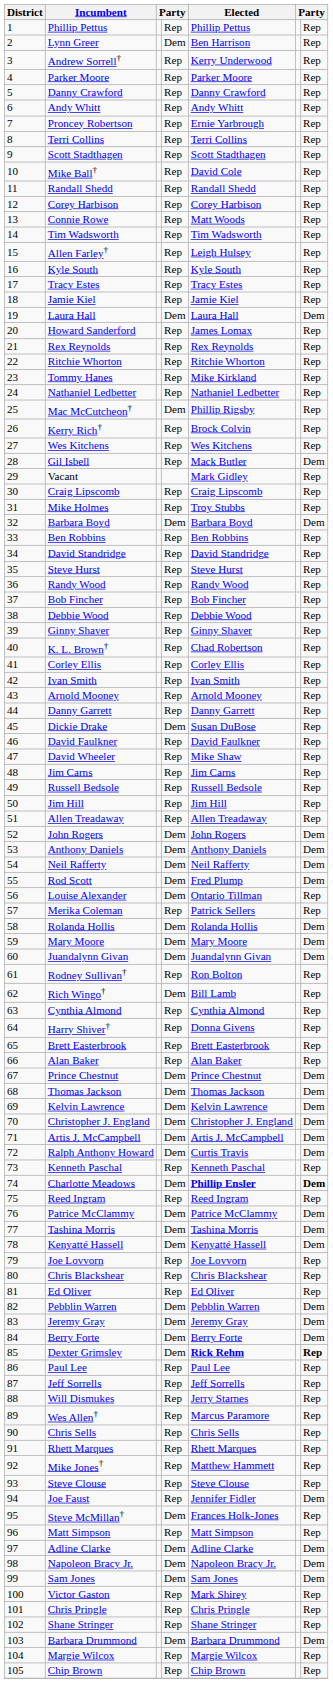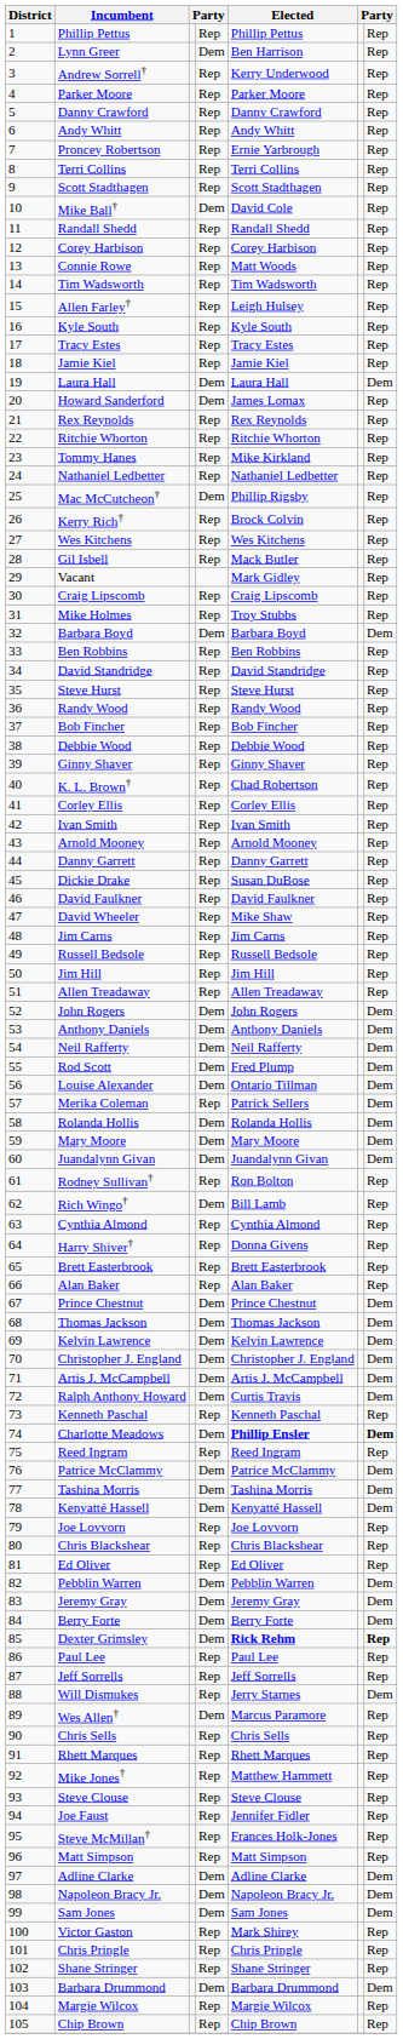 <table class="sortable wikitable" style="font-size:95%;line-height:14px;">
 <tr>
 <th class="unsortable">District</th>
 <th class="unsortable"><a href='#'>Incumbent</a></th>
 <th colspan="2">Party</th>
 <th class="unsortable">Elected</th>
 <th colspan="2">Party</th>
 </tr>
 <tr>
 <td>1</td>
 <td><a href='#'>Phillip Pettus</a></td>
 <td style="background:"></td>
 <td>Rep</td>
 <td><a href='#'>Phillip Pettus</a></td>
 <td style="background:"></td>
 <td>Rep</td>
 </tr>
 <tr>
 <td>2</td>
 <td><a href='#'>Lynn Greer</a></td>
 <td style="background:"></td>
 <td>Dem</td>
 <td><a href='#'>Ben Harrison</a></td>
 <td style="background:"></td>
 <td>Rep</td>
 </tr>
 <tr>
 <td>3</td>
 <td><a href='#'>Andrew Sorrell</a><sup>†</sup></td>
 <td style="background:"></td>
 <td>Rep</td>
 <td><a href='#'>Kerry Underwood</a></td>
 <td style="background:"></td>
 <td>Rep</td>
 </tr>
 <tr>
 <td>4</td>
 <td><a href='#'>Parker Moore</a></td>
 <td style="background:"></td>
 <td>Rep</td>
 <td><a href='#'>Parker Moore</a></td>
 <td style="background:"></td>
 <td>Rep</td>
 </tr>
 <tr>
 <td>5</td>
 <td><a href='#'>Danny Crawford</a></td>
 <td style="background:"></td>
 <td>Rep</td>
 <td><a href='#'>Danny Crawford</a></td>
 <td style="background:"></td>
 <td>Rep</td>
 </tr>
 <tr>
 <td>6</td>
 <td><a href='#'>Andy Whitt</a></td>
 <td style="background:"></td>
 <td>Rep</td>
 <td><a href='#'>Andy Whitt</a></td>
 <td style="background:"></td>
 <td>Rep</td>
 </tr>
 <tr>
 <td>7</td>
 <td><a href='#'>Proncey Robertson</a></td>
 <td style="background:"></td>
 <td>Rep</td>
 <td><a href='#'>Ernie Yarbrough</a></td>
 <td style="background:"></td>
 <td>Rep</td>
 </tr>
 <tr>
 <td>8</td>
 <td><a href='#'>Terri Collins</a></td>
 <td style="background:"></td>
 <td>Rep</td>
 <td><a href='#'>Terri Collins</a></td>
 <td style="background:"></td>
 <td>Rep</td>
 </tr>
 <tr>
 <td>9</td>
 <td><a href='#'>Scott Stadthagen</a></td>
 <td style="background:"></td>
 <td>Rep</td>
 <td><a href='#'>Scott Stadthagen</a></td>
 <td style="background:"></td>
 <td>Rep</td>
 </tr>
 <tr>
 <td>10</td>
 <td><a href='#'>Mike Ball</a><sup>†</sup></td>
 <td style="background:"></td>
-<td>Rep</td>
+<td>Dem</td>
 <td><a href='#'>David Cole</a></td>
 <td style="background:"></td>
 <td>Rep</td>
 </tr>
 <tr>
 <td>11</td>
 <td><a href='#'>Randall Shedd</a></td>
 <td style="background:"></td>
 <td>Rep</td>
 <td><a href='#'>Randall Shedd</a></td>
 <td style="background:"></td>
 <td>Rep</td>
 </tr>
 <tr>
 <td>12</td>
 <td><a href='#'>Corey Harbison</a></td>
 <td style="background:"></td>
 <td>Rep</td>
 <td><a href='#'>Corey Harbison</a></td>
 <td style="background:"></td>
 <td>Rep</td>
 </tr>
 <tr>
 <td>13</td>
 <td><a href='#'>Connie Rowe</a></td>
 <td style="background:"></td>
 <td>Rep</td>
 <td><a href='#'>Matt Woods</a></td>
 <td style="background:"></td>
 <td>Rep</td>
 </tr>
 <tr>
 <td>14</td>
 <td><a href='#'>Tim Wadsworth</a></td>
 <td style="background:"></td>
 <td>Rep</td>
 <td><a href='#'>Tim Wadsworth</a></td>
 <td style="background:"></td>
 <td>Rep</td>
 </tr>
 <tr>
 <td>15</td>
 <td><a href='#'>Allen Farley</a><sup>†</sup></td>
 <td style="background:"></td>
 <td>Rep</td>
 <td><a href='#'>Leigh Hulsey</a></td>
 <td style="background:"></td>
 <td>Rep</td>
 </tr>
 <tr>
 <td>16</td>
 <td><a href='#'>Kyle South</a></td>
 <td style="background:"></td>
 <td>Rep</td>
 <td><a href='#'>Kyle South</a></td>
 <td style="background:"></td>
 <td>Rep</td>
 </tr>
 <tr>
 <td>17</td>
 <td><a href='#'>Tracy Estes</a></td>
 <td style="background:"></td>
 <td>Rep</td>
 <td><a href='#'>Tracy Estes</a></td>
 <td style="background:"></td>
 <td>Rep</td>
 </tr>
 <tr>
 <td>18</td>
 <td><a href='#'>Jamie Kiel</a></td>
 <td style="background:"></td>
 <td>Rep</td>
 <td><a href='#'>Jamie Kiel</a></td>
 <td style="background:"></td>
 <td>Rep</td>
 </tr>
 <tr>
 <td>19</td>
 <td><a href='#'>Laura Hall</a></td>
 <td style="background:"></td>
 <td>Dem</td>
 <td><a href='#'>Laura Hall</a></td>
 <td style="background:"></td>
 <td>Dem</td>
 </tr>
 <tr>
 <td>20</td>
 <td><a href='#'>Howard Sanderford</a></td>
 <td style="background:"></td>
-<td>Rep</td>
+<td>Dem</td>
 <td><a href='#'>James Lomax</a></td>
 <td style="background:"></td>
 <td>Rep</td>
 </tr>
 <tr>
 <td>21</td>
 <td><a href='#'>Rex Reynolds</a></td>
 <td style="background:"></td>
 <td>Rep</td>
 <td><a href='#'>Rex Reynolds</a></td>
 <td style="background:"></td>
 <td>Rep</td>
 </tr>
 <tr>
 <td>22</td>
 <td><a href='#'>Ritchie Whorton</a></td>
 <td style="background:"></td>
 <td>Rep</td>
 <td><a href='#'>Ritchie Whorton</a></td>
 <td style="background:"></td>
 <td>Rep</td>
 </tr>
 <tr>
 <td>23</td>
 <td><a href='#'>Tommy Hanes</a></td>
 <td style="background:"></td>
 <td>Rep</td>
 <td><a href='#'>Mike Kirkland</a></td>
 <td style="background:"></td>
 <td>Rep</td>
 </tr>
 <tr>
 <td>24</td>
 <td><a href='#'>Nathaniel Ledbetter</a></td>
 <td style="background:"></td>
 <td>Rep</td>
 <td><a href='#'>Nathaniel Ledbetter</a></td>
 <td style="background:"></td>
 <td>Rep</td>
 </tr>
 <tr>
 <td>25</td>
 <td><a href='#'>Mac McCutcheon</a><sup>†</sup></td>
 <td style="background:"></td>
 <td>Dem</td>
 <td><a href='#'>Phillip Rigsby</a></td>
 <td style="background:"></td>
 <td>Rep</td>
 </tr>
 <tr>
 <td>26</td>
 <td><a href='#'>Kerry Rich</a><sup>†</sup></td>
 <td style="background:"></td>
 <td>Rep</td>
 <td><a href='#'>Brock Colvin</a></td>
 <td style="background:"></td>
 <td>Rep</td>
 </tr>
 <tr>
 <td>27</td>
 <td><a href='#'>Wes Kitchens</a></td>
 <td style="background:"></td>
 <td>Rep</td>
 <td><a href='#'>Wes Kitchens</a></td>
 <td style="background:"></td>
 <td>Rep</td>
 </tr>
 <tr>
 <td>28</td>
 <td><a href='#'>Gil Isbell</a></td>
 <td style="background:"></td>
 <td>Rep</td>
 <td><a href='#'>Mack Butler</a></td>
 <td style="background:"></td>
-<td>Dem</td>
+<td>Rep</td>
 </tr>
 <tr>
 <td>29</td>
 <td>Vacant</td>
 <td></td>
 <td></td>
 <td><a href='#'>Mark Gidley</a></td>
 <td style="background:"></td>
 <td>Rep</td>
 </tr>
 <tr>
 <td>30</td>
 <td><a href='#'>Craig Lipscomb</a></td>
 <td style="background:"></td>
 <td>Rep</td>
 <td><a href='#'>Craig Lipscomb</a></td>
 <td style="background:"></td>
 <td>Rep</td>
 </tr>
 <tr>
 <td>31</td>
 <td><a href='#'>Mike Holmes</a></td>
 <td style="background:"></td>
 <td>Rep</td>
 <td><a href='#'>Troy Stubbs</a></td>
 <td style="background:"></td>
 <td>Rep</td>
 </tr>
 <tr>
 <td>32</td>
 <td><a href='#'>Barbara Boyd</a></td>
 <td style="background:"></td>
 <td>Dem</td>
 <td><a href='#'>Barbara Boyd</a></td>
 <td style="background:"></td>
 <td>Dem</td>
 </tr>
 <tr>
 <td>33</td>
 <td><a href='#'>Ben Robbins</a></td>
 <td style="background:"></td>
 <td>Rep</td>
 <td><a href='#'>Ben Robbins</a></td>
 <td style="background:"></td>
 <td>Rep</td>
 </tr>
 <tr>
 <td>34</td>
 <td><a href='#'>David Standridge</a></td>
 <td style="background:"></td>
 <td>Rep</td>
 <td><a href='#'>David Standridge</a></td>
 <td style="background:"></td>
 <td>Rep</td>
 </tr>
 <tr>
 <td>35</td>
 <td><a href='#'>Steve Hurst</a></td>
 <td style="background:"></td>
 <td>Rep</td>
 <td><a href='#'>Steve Hurst</a></td>
 <td style="background:"></td>
 <td>Rep</td>
 </tr>
 <tr>
 <td>36</td>
 <td><a href='#'>Randy Wood</a></td>
 <td style="background:"></td>
 <td>Rep</td>
 <td><a href='#'>Randy Wood</a></td>
 <td style="background:"></td>
 <td>Rep</td>
 </tr>
 <tr>
 <td>37</td>
 <td><a href='#'>Bob Fincher</a></td>
 <td style="background:"></td>
 <td>Rep</td>
 <td><a href='#'>Bob Fincher</a></td>
 <td style="background:"></td>
 <td>Rep</td>
 </tr>
 <tr>
 <td>38</td>
 <td><a href='#'>Debbie Wood</a></td>
 <td style="background:"></td>
 <td>Rep</td>
 <td><a href='#'>Debbie Wood</a></td>
 <td style="background:"></td>
 <td>Rep</td>
 </tr>
 <tr>
 <td>39</td>
 <td><a href='#'>Ginny Shaver</a></td>
 <td style="background:"></td>
 <td>Rep</td>
 <td><a href='#'>Ginny Shaver</a></td>
 <td style="background:"></td>
 <td>Rep</td>
 </tr>
 <tr>
 <td>40</td>
 <td><a href='#'>K. L. Brown</a><sup>†</sup></td>
 <td style="background:"></td>
 <td>Rep</td>
 <td><a href='#'>Chad Robertson</a></td>
 <td style="background:"></td>
 <td>Rep</td>
 </tr>
 <tr>
 <td>41</td>
 <td><a href='#'>Corley Ellis</a></td>
 <td style="background:"></td>
 <td>Rep</td>
 <td><a href='#'>Corley Ellis</a></td>
 <td style="background:"></td>
 <td>Rep</td>
 </tr>
 <tr>
 <td>42</td>
 <td><a href='#'>Ivan Smith</a></td>
 <td style="background:"></td>
 <td>Rep</td>
 <td><a href='#'>Ivan Smith</a></td>
 <td style="background:"></td>
 <td>Rep</td>
 </tr>
 <tr>
 <td>43</td>
 <td><a href='#'>Arnold Mooney</a></td>
 <td style="background:"></td>
 <td>Rep</td>
 <td><a href='#'>Arnold Mooney</a></td>
 <td style="background:"></td>
 <td>Rep</td>
 </tr>
 <tr>
 <td>44</td>
 <td><a href='#'>Danny Garrett</a></td>
 <td style="background:"></td>
 <td>Rep</td>
 <td><a href='#'>Danny Garrett</a></td>
 <td style="background:"></td>
 <td>Rep</td>
 </tr>
 <tr>
 <td>45</td>
 <td><a href='#'>Dickie Drake</a></td>
 <td style="background:"></td>
-<td>Dem</td>
+<td>Rep</td>
 <td><a href='#'>Susan DuBose</a></td>
 <td style="background:"></td>
 <td>Rep</td>
 </tr>
 <tr>
 <td>46</td>
 <td><a href='#'>David Faulkner</a></td>
 <td style="background:"></td>
 <td>Rep</td>
 <td><a href='#'>David Faulkner</a></td>
 <td style="background:"></td>
 <td>Rep</td>
 </tr>
 <tr>
 <td>47</td>
 <td><a href='#'>David Wheeler</a></td>
 <td style="background:"></td>
 <td>Rep</td>
 <td><a href='#'>Mike Shaw</a></td>
 <td style="background:"></td>
 <td>Rep</td>
 </tr>
 <tr>
 <td>48</td>
 <td><a href='#'>Jim Carns</a></td>
 <td style="background:"></td>
 <td>Rep</td>
 <td><a href='#'>Jim Carns</a></td>
 <td style="background:"></td>
 <td>Rep</td>
 </tr>
 <tr>
 <td>49</td>
 <td><a href='#'>Russell Bedsole</a></td>
 <td style="background:"></td>
 <td>Rep</td>
 <td><a href='#'>Russell Bedsole</a></td>
 <td style="background:"></td>
 <td>Rep</td>
 </tr>
 <tr>
 <td>50</td>
 <td><a href='#'>Jim Hill</a></td>
 <td style="background:"></td>
 <td>Rep</td>
 <td><a href='#'>Jim Hill</a></td>
 <td style="background:"></td>
 <td>Rep</td>
 </tr>
 <tr>
 <td>51</td>
 <td><a href='#'>Allen Treadaway</a></td>
 <td style="background:"></td>
 <td>Rep</td>
 <td><a href='#'>Allen Treadaway</a></td>
 <td style="background:"></td>
 <td>Rep</td>
 </tr>
 <tr>
 <td>52</td>
 <td><a href='#'>John Rogers</a></td>
 <td style="background:"></td>
 <td>Dem</td>
 <td><a href='#'>John Rogers</a></td>
 <td style="background:"></td>
 <td>Dem</td>
 </tr>
 <tr>
 <td>53</td>
 <td><a href='#'>Anthony Daniels</a></td>
 <td style="background:"></td>
 <td>Dem</td>
 <td><a href='#'>Anthony Daniels</a></td>
 <td style="background:"></td>
 <td>Dem</td>
 </tr>
 <tr>
 <td>54</td>
 <td><a href='#'>Neil Rafferty</a></td>
 <td style="background:"></td>
 <td>Dem</td>
 <td><a href='#'>Neil Rafferty</a></td>
 <td style="background:"></td>
 <td>Dem</td>
 </tr>
 <tr>
 <td>55</td>
 <td><a href='#'>Rod Scott</a></td>
 <td style="background:"></td>
 <td>Dem</td>
 <td><a href='#'>Fred Plump</a></td>
 <td style="background:"></td>
 <td>Dem</td>
 </tr>
 <tr>
 <td>56</td>
 <td><a href='#'>Louise Alexander</a></td>
 <td style="background:"></td>
 <td>Dem</td>
 <td><a href='#'>Ontario Tillman</a></td>
 <td style="background:"></td>
-<td>Rep</td>
+<td>Dem</td>
 </tr>
 <tr>
 <td>57</td>
 <td><a href='#'>Merika Coleman</a></td>
 <td style="background:"></td>
 <td>Rep</td>
 <td><a href='#'>Patrick Sellers</a></td>
 <td style="background:"></td>
-<td>Rep</td>
+<td>Dem</td>
 </tr>
 <tr>
 <td>58</td>
 <td><a href='#'>Rolanda Hollis</a></td>
 <td style="background:"></td>
 <td>Dem</td>
 <td><a href='#'>Rolanda Hollis</a></td>
 <td style="background:"></td>
 <td>Dem</td>
 </tr>
 <tr>
 <td>59</td>
 <td><a href='#'>Mary Moore</a></td>
 <td style="background:"></td>
 <td>Dem</td>
 <td><a href='#'>Mary Moore</a></td>
 <td style="background:"></td>
 <td>Dem</td>
 </tr>
 <tr>
 <td>60</td>
 <td><a href='#'>Juandalynn Givan</a></td>
 <td style="background:"></td>
 <td>Dem</td>
 <td><a href='#'>Juandalynn Givan</a></td>
 <td style="background:"></td>
 <td>Dem</td>
 </tr>
 <tr>
 <td>61</td>
 <td><a href='#'>Rodney Sullivan</a><sup>†</sup></td>
 <td style="background:"></td>
 <td>Rep</td>
 <td><a href='#'>Ron Bolton</a></td>
 <td style="background:"></td>
 <td>Rep</td>
 </tr>
 <tr>
 <td>62</td>
 <td><a href='#'>Rich Wingo</a><sup>†</sup></td>
 <td style="background:"></td>
 <td>Dem</td>
 <td><a href='#'>Bill Lamb</a></td>
 <td style="background:"></td>
 <td>Rep</td>
 </tr>
 <tr>
 <td>63</td>
 <td><a href='#'>Cynthia Almond</a></td>
 <td style="background:"></td>
 <td>Rep</td>
 <td><a href='#'>Cynthia Almond</a></td>
 <td style="background:"></td>
 <td>Rep</td>
 </tr>
 <tr>
 <td>64</td>
 <td><a href='#'>Harry Shiver</a><sup>†</sup></td>
 <td style="background:"></td>
 <td>Rep</td>
 <td><a href='#'>Donna Givens</a></td>
 <td style="background:"></td>
 <td>Rep</td>
 </tr>
 <tr>
 <td>65</td>
 <td><a href='#'>Brett Easterbrook</a></td>
 <td style="background:"></td>
 <td>Rep</td>
 <td><a href='#'>Brett Easterbrook</a></td>
 <td style="background:"></td>
 <td>Rep</td>
 </tr>
 <tr>
 <td>66</td>
 <td><a href='#'>Alan Baker</a></td>
 <td style="background:"></td>
 <td>Rep</td>
 <td><a href='#'>Alan Baker</a></td>
 <td style="background:"></td>
 <td>Rep</td>
 </tr>
 <tr>
 <td>67</td>
 <td><a href='#'>Prince Chestnut</a></td>
 <td style="background:"></td>
 <td>Dem</td>
 <td><a href='#'>Prince Chestnut</a></td>
 <td style="background:"></td>
 <td>Dem</td>
 </tr>
 <tr>
 <td>68</td>
 <td><a href='#'>Thomas Jackson</a></td>
 <td style="background:"></td>
 <td>Dem</td>
 <td><a href='#'>Thomas Jackson</a></td>
 <td style="background:"></td>
 <td>Dem</td>
 </tr>
 <tr>
 <td>69</td>
 <td><a href='#'>Kelvin Lawrence</a></td>
 <td style="background:"></td>
 <td>Dem</td>
 <td><a href='#'>Kelvin Lawrence</a></td>
 <td style="background:"></td>
 <td>Dem</td>
 </tr>
 <tr>
 <td>70</td>
 <td><a href='#'>Christopher J. England</a></td>
 <td style="background:"></td>
 <td>Dem</td>
 <td><a href='#'>Christopher J. England</a></td>
 <td style="background:"></td>
 <td>Dem</td>
 </tr>
 <tr>
 <td>71</td>
 <td><a href='#'>Artis J. McCampbell</a></td>
 <td style="background:"></td>
 <td>Dem</td>
 <td><a href='#'>Artis J. McCampbell</a></td>
 <td style="background:"></td>
 <td>Dem</td>
 </tr>
 <tr>
 <td>72</td>
 <td><a href='#'>Ralph Anthony Howard</a></td>
 <td style="background:"></td>
 <td>Dem</td>
 <td><a href='#'>Curtis Travis</a></td>
 <td style="background:"></td>
 <td>Dem</td>
 </tr>
 <tr>
 <td>73</td>
 <td><a href='#'>Kenneth Paschal</a></td>
 <td style="background:"></td>
 <td>Rep</td>
 <td><a href='#'>Kenneth Paschal</a></td>
 <td style="background:"></td>
 <td>Rep</td>
 </tr>
 <tr>
 <td>74</td>
 <td><a href='#'>Charlotte Meadows</a></td>
 <td style="background:"></td>
 <td>Dem</td>
 <td><strong><a href='#'>Phillip Ensler</a></strong></td>
 <td style="background:"></td>
 <td><strong>Dem</strong></td>
 </tr>
 <tr>
 <td>75</td>
 <td><a href='#'>Reed Ingram</a></td>
 <td style="background:"></td>
 <td>Rep</td>
 <td><a href='#'>Reed Ingram</a></td>
 <td style="background:"></td>
 <td>Rep</td>
 </tr>
 <tr>
 <td>76</td>
 <td><a href='#'>Patrice McClammy</a></td>
 <td style="background:"></td>
 <td>Dem</td>
 <td><a href='#'>Patrice McClammy</a></td>
 <td style="background:"></td>
 <td>Dem</td>
 </tr>
 <tr>
 <td>77</td>
 <td><a href='#'>Tashina Morris</a></td>
 <td style="background:"></td>
 <td>Dem</td>
 <td><a href='#'>Tashina Morris</a></td>
 <td style="background:"></td>
 <td>Dem</td>
 </tr>
 <tr>
 <td>78</td>
 <td><a href='#'>Kenyatté Hassell</a></td>
 <td style="background:"></td>
 <td>Dem</td>
 <td><a href='#'>Kenyatté Hassell</a></td>
 <td style="background:"></td>
 <td>Dem</td>
 </tr>
 <tr>
 <td>79</td>
 <td><a href='#'>Joe Lovvorn</a></td>
 <td style="background:"></td>
 <td>Rep</td>
 <td><a href='#'>Joe Lovvorn</a></td>
 <td style="background:"></td>
 <td>Rep</td>
 </tr>
 <tr>
 <td>80</td>
 <td><a href='#'>Chris Blackshear</a></td>
 <td style="background:"></td>
 <td>Rep</td>
 <td><a href='#'>Chris Blackshear</a></td>
 <td style="background:"></td>
 <td>Rep</td>
 </tr>
 <tr>
 <td>81</td>
 <td><a href='#'>Ed Oliver</a></td>
 <td style="background:"></td>
 <td>Rep</td>
 <td><a href='#'>Ed Oliver</a></td>
 <td style="background:"></td>
 <td>Rep</td>
 </tr>
 <tr>
 <td>82</td>
 <td><a href='#'>Pebblin Warren</a></td>
 <td style="background:"></td>
 <td>Dem</td>
 <td><a href='#'>Pebblin Warren</a></td>
 <td style="background:"></td>
 <td>Dem</td>
 </tr>
 <tr>
 <td>83</td>
 <td><a href='#'>Jeremy Gray</a></td>
 <td style="background:"></td>
 <td>Dem</td>
 <td><a href='#'>Jeremy Gray</a></td>
 <td style="background:"></td>
 <td>Dem</td>
 </tr>
 <tr>
 <td>84</td>
 <td><a href='#'>Berry Forte</a></td>
 <td style="background:"></td>
 <td>Dem</td>
 <td><a href='#'>Berry Forte</a></td>
 <td style="background:"></td>
 <td>Dem</td>
 </tr>
 <tr>
 <td>85</td>
 <td><a href='#'>Dexter Grimsley</a></td>
 <td style="background:"></td>
 <td>Dem</td>
 <td><strong><a href='#'>Rick Rehm</a></strong></td>
 <td style="background:"></td>
 <td><strong>Rep</strong></td>
 </tr>
 <tr>
 <td>86</td>
 <td><a href='#'>Paul Lee</a></td>
 <td style="background:"></td>
 <td>Rep</td>
 <td><a href='#'>Paul Lee</a></td>
 <td style="background:"></td>
 <td>Rep</td>
 </tr>
 <tr>
 <td>87</td>
 <td><a href='#'>Jeff Sorrells</a></td>
 <td style="background:"></td>
 <td>Rep</td>
 <td><a href='#'>Jeff Sorrells</a></td>
 <td style="background:"></td>
 <td>Rep</td>
 </tr>
 <tr>
 <td>88</td>
 <td><a href='#'>Will Dismukes</a></td>
 <td style="background:"></td>
 <td>Rep</td>
 <td><a href='#'>Jerry Starnes</a></td>
 <td style="background:"></td>
-<td>Rep</td>
+<td>Dem</td>
 </tr>
 <tr>
 <td>89</td>
 <td><a href='#'>Wes Allen</a><sup>†</sup></td>
 <td style="background:"></td>
-<td>Rep</td>
+<td>Dem</td>
 <td><a href='#'>Marcus Paramore</a></td>
 <td style="background:"></td>
 <td>Rep</td>
 </tr>
 <tr>
 <td>90</td>
 <td><a href='#'>Chris Sells</a></td>
 <td style="background:"></td>
 <td>Rep</td>
 <td><a href='#'>Chris Sells</a></td>
 <td style="background:"></td>
 <td>Rep</td>
 </tr>
 <tr>
 <td>91</td>
 <td><a href='#'>Rhett Marques</a></td>
 <td style="background:"></td>
 <td>Rep</td>
 <td><a href='#'>Rhett Marques</a></td>
 <td style="background:"></td>
 <td>Rep</td>
 </tr>
 <tr>
 <td>92</td>
 <td><a href='#'>Mike Jones</a><sup>†</sup></td>
 <td style="background:"></td>
 <td>Rep</td>
 <td><a href='#'>Matthew Hammett</a></td>
 <td style="background:"></td>
 <td>Rep</td>
 </tr>
 <tr>
 <td>93</td>
 <td><a href='#'>Steve Clouse</a></td>
 <td style="background:"></td>
 <td>Rep</td>
 <td><a href='#'>Steve Clouse</a></td>
 <td style="background:"></td>
 <td>Rep</td>
 </tr>
 <tr>
 <td>94</td>
 <td><a href='#'>Joe Faust</a></td>
 <td style="background:"></td>
 <td>Rep</td>
 <td><a href='#'>Jennifer Fidler</a></td>
 <td style="background:"></td>
-<td>Dem</td>
+<td>Rep</td>
 </tr>
 <tr>
 <td>95</td>
 <td><a href='#'>Steve McMillan</a><sup>†</sup></td>
 <td style="background:"></td>
-<td>Dem</td>
+<td>Rep</td>
 <td><a href='#'>Frances Holk-Jones</a></td>
 <td style="background:"></td>
 <td>Rep</td>
 </tr>
 <tr>
 <td>96</td>
 <td><a href='#'>Matt Simpson</a></td>
 <td style="background:"></td>
 <td>Rep</td>
 <td><a href='#'>Matt Simpson</a></td>
 <td style="background:"></td>
 <td>Rep</td>
 </tr>
 <tr>
 <td>97</td>
 <td><a href='#'>Adline Clarke</a></td>
 <td style="background:"></td>
 <td>Dem</td>
 <td><a href='#'>Adline Clarke</a></td>
 <td style="background:"></td>
 <td>Dem</td>
 </tr>
 <tr>
 <td>98</td>
 <td><a href='#'>Napoleon Bracy Jr.</a></td>
 <td style="background:"></td>
 <td>Dem</td>
 <td><a href='#'>Napoleon Bracy Jr.</a></td>
 <td style="background:"></td>
 <td>Dem</td>
 </tr>
 <tr>
 <td>99</td>
 <td><a href='#'>Sam Jones</a></td>
 <td style="background:"></td>
 <td>Dem</td>
 <td><a href='#'>Sam Jones</a></td>
 <td style="background:"></td>
 <td>Dem</td>
 </tr>
 <tr>
 <td>100</td>
 <td><a href='#'>Victor Gaston</a></td>
 <td style="background:"></td>
 <td>Rep</td>
 <td><a href='#'>Mark Shirey</a></td>
 <td style="background:"></td>
 <td>Rep</td>
 </tr>
 <tr>
 <td>101</td>
 <td><a href='#'>Chris Pringle</a></td>
 <td style="background:"></td>
 <td>Rep</td>
 <td><a href='#'>Chris Pringle</a></td>
 <td style="background:"></td>
 <td>Rep</td>
 </tr>
 <tr>
 <td>102</td>
 <td><a href='#'>Shane Stringer</a></td>
 <td style="background:"></td>
 <td>Rep</td>
 <td><a href='#'>Shane Stringer</a></td>
 <td style="background:"></td>
 <td>Rep</td>
 </tr>
 <tr>
 <td>103</td>
 <td><a href='#'>Barbara Drummond</a></td>
 <td style="background:"></td>
 <td>Dem</td>
 <td><a href='#'>Barbara Drummond</a></td>
 <td style="background:"></td>
 <td>Dem</td>
 </tr>
 <tr>
 <td>104</td>
 <td><a href='#'>Margie Wilcox</a></td>
 <td style="background:"></td>
 <td>Rep</td>
 <td><a href='#'>Margie Wilcox</a></td>
 <td style="background:"></td>
 <td>Rep</td>
 </tr>
 <tr>
 <td>105</td>
 <td><a href='#'>Chip Brown</a></td>
 <td style="background:"></td>
 <td>Rep</td>
 <td><a href='#'>Chip Brown</a></td>
 <td style="background:"></td>
 <td>Rep</td>
 </tr>
 <tr>
 </tr>
 </table>
